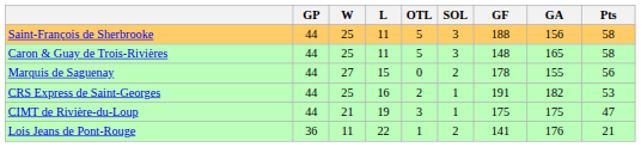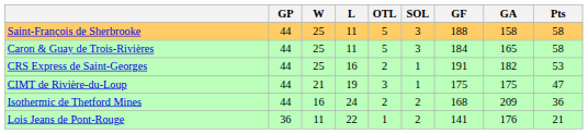 <table class="wikitable">
 <tr>
 <th width="40%" bgcolor="#e0e0e0"></th>
 <th width="5%" bgcolor="#e0e0e0">GP</th>
 <th width="5%" bgcolor="#e0e0e0">W</th>
 <th width="5%" bgcolor="#e0e0e0">L</th>
 <th width="5%" bgcolor="#e0e0e0">OTL</th>
 <th width="5%" bgcolor="#e0e0e0">SOL</th>
 <th width="7.5%" bgcolor="#e0e0e0">GF</th>
 <th width="7.5%" bgcolor="#e0e0e0">GA</th>
 <th width="7.5%" bgcolor="#e0e0e0">Pts</th>
 </tr>
 <tr align="center" bgcolor="#FFCC66">
 <td align="left"><a href='#'>Saint-François de Sherbrooke</a></td>
 <td>44</td>
 <td>25</td>
 <td>11</td>
 <td>5</td>
 <td>3</td>
 <td>188</td>
-<td>156</td>
+<td>158</td>
 <td>58</td>
 </tr>
 <tr align="center" bgcolor="#bbffbb">
 <td align="left"><a href='#'>Caron & Guay de Trois-Rivières</a></td>
 <td>44</td>
 <td>25</td>
 <td>11</td>
 <td>5</td>
 <td>3</td>
-<td>148</td>
+<td>184</td>
 <td>165</td>
 <td>58</td>
-</tr>
-<tr align="center" bgcolor="#bbffbb">
-<td align="left"><a href='#'>Marquis de Saguenay</a></td>
-<td>44</td>
-<td>27</td>
-<td>15</td>
-<td>0</td>
-<td>2</td>
-<td>178</td>
-<td>155</td>
-<td>56</td>
 </tr>
 <tr align="center" bgcolor="#bbffbb">
 <td align="left"><a href='#'>CRS Express de Saint-Georges</a></td>
 <td>44</td>
 <td>25</td>
 <td>16</td>
 <td>2</td>
 <td>1</td>
 <td>191</td>
 <td>182</td>
 <td>53</td>
 </tr>
 <tr align="center" bgcolor="#bbffbb">
 <td align="left"><a href='#'>CIMT de Rivière-du-Loup</a></td>
 <td>44</td>
 <td>21</td>
 <td>19</td>
 <td>3</td>
 <td>1</td>
 <td>175</td>
 <td>175</td>
 <td>47</td>
 </tr>
 <tr align="center" bgcolor="#bbffbb">
+<td align="left"><a href='#'>Isothermic de Thetford Mines</a></td>
+<td>44</td>
+<td>16</td>
+<td>24</td>
+<td>2</td>
+<td>2</td>
+<td>168</td>
+<td>209</td>
+<td>36</td>
+</tr>
+<tr align="center" bgcolor="#bbffbb">
 <td align="left"><a href='#'>Lois Jeans de Pont-Rouge</a></td>
 <td>36</td>
 <td>11</td>
 <td>22</td>
 <td>1</td>
 <td>2</td>
 <td>141</td>
 <td>176</td>
 <td>21</td>
 </tr>
 </table>
